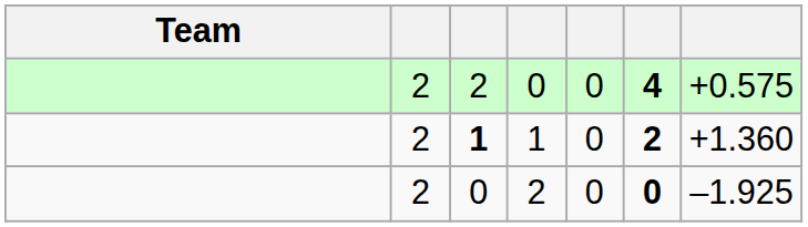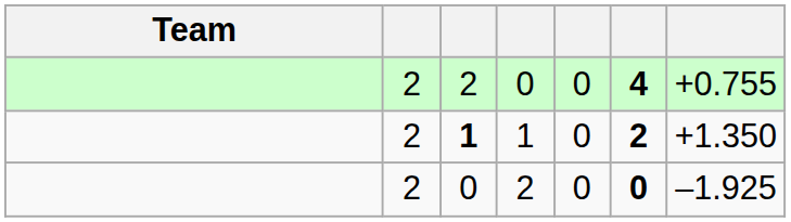 <table class="wikitable" style="text-align:center;">
 <tr>
 <th width=175>Team</th>
 <th style="width:20px;"></th>
 <th style="width:20px;"></th>
 <th style="width:20px;"></th>
 <th style="width:20px;"></th>
 <th style="width:20px;"></th>
 <th style="width:20px;"></th>
 </tr>
 <tr style="background:#cfc">
 <td align=left></td>
 <td>2</td>
 <td>2</td>
 <td>0</td>
 <td>0</td>
 <td><strong>4</strong></td>
-<td>+0.575</td>
+<td>+0.755</td>
 </tr>
 <tr>
 <td align=left></td>
 <td>2</td>
 <td><strong>1</strong></td>
 <td>1</td>
 <td>0</td>
 <td><strong>2</strong></td>
-<td>+1.360</td>
+<td>+1.350</td>
 </tr>
 <tr>
 <td align=left></td>
 <td>2</td>
 <td>0</td>
 <td>2</td>
 <td>0</td>
 <td><strong>0</strong></td>
 <td>–1.925</td>
 </tr>
 </table>
